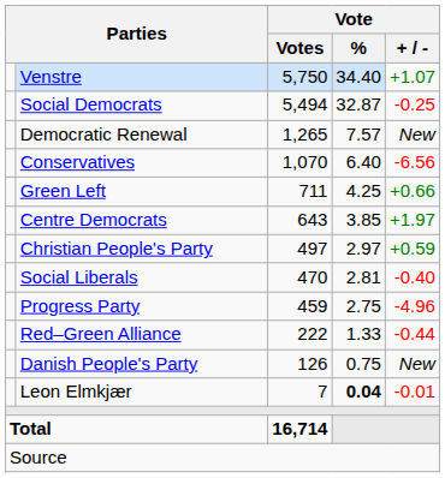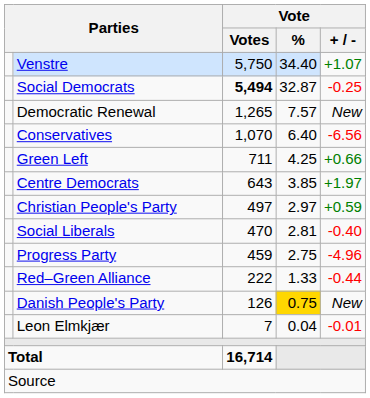 <table class="wikitable" style="text-align:right;">
 <tr>
 <th style="text-align:centre;" rowspan="2" colspan="2" width="225">Parties</th>
 <th colspan="3">Vote</th>
 </tr>
 <tr>
 <th width="15">Votes</th>
 <th width="15">%</th>
 <th width="15">+ / -</th>
 </tr>
 <tr>
 <td width="2" style="color:inherit;background:"></td>
 <td bgcolor=#cfe5fe  align="left"><a href='#'>Venstre</a></td>
 <td bgcolor=#cfe5fe>5,750</td>
 <td bgcolor=#cfe5fe>34.40</td>
 <td style=color:green;>+1.07</td>
 </tr>
 <tr>
 <td width="2" style="color:inherit;background:"></td>
 <td align="left"><a href='#'>Social Democrats</a></td>
-<td>5,494</td>
+<td><strong>5,494</strong></td>
 <td>32.87</td>
 <td style=color:red;>-0.25</td>
 </tr>
 <tr>
 <td width="2" style="color:inherit;background:"></td>
 <td align="left">Democratic Renewal</td>
 <td>1,265</td>
 <td>7.57</td>
 <td><em>New</em></td>
 </tr>
 <tr>
 <td width="2" style="color:inherit;background:"></td>
 <td align="left"><a href='#'>Conservatives</a></td>
 <td>1,070</td>
 <td>6.40</td>
 <td style=color:red;>-6.56</td>
 </tr>
 <tr>
 <td width="2" style="color:inherit;background:"></td>
 <td align="left"><a href='#'>Green Left</a></td>
 <td>711</td>
 <td>4.25</td>
 <td style=color:green;>+0.66</td>
 </tr>
 <tr>
 <td width="2" style="color:inherit;background:"></td>
 <td align="left"><a href='#'>Centre Democrats</a></td>
 <td>643</td>
 <td>3.85</td>
 <td style=color:green;>+1.97</td>
 </tr>
 <tr>
 <td width="2" style="color:inherit;background:"></td>
 <td align="left"><a href='#'>Christian People's Party</a></td>
 <td>497</td>
 <td>2.97</td>
 <td style=color:green;>+0.59</td>
 </tr>
 <tr>
 <td width="2" style="color:inherit;background:"></td>
 <td align="left"><a href='#'>Social Liberals</a></td>
 <td>470</td>
 <td>2.81</td>
 <td style=color:red;>-0.40</td>
 </tr>
 <tr>
 <td width="2" style="color:inherit;background:"></td>
 <td align="left"><a href='#'>Progress Party</a></td>
 <td>459</td>
 <td>2.75</td>
 <td style=color:red;>-4.96</td>
 </tr>
 <tr>
 <td width="2" style="color:inherit;background:"></td>
 <td align="left"><a href='#'>Red–Green Alliance</a></td>
 <td>222</td>
 <td>1.33</td>
 <td style=color:red;>-0.44</td>
 </tr>
 <tr>
 <td width="2" style="color:inherit;background:"></td>
 <td align="left"><a href='#'>Danish People's Party</a></td>
 <td>126</td>
-<td>0.75</td>
+<td style="background: gold;">0.75</td>
 <td><em>New</em></td>
 </tr>
 <tr>
 <td width="2" style="color:inherit;background:"></td>
 <td align="left">Leon Elmkjær</td>
 <td>7</td>
-<td><strong>0.04</strong></td>
+<td>0.04</td>
 <td style=color:red;>-0.01</td>
 </tr>
 <tr>
 <td colspan="7" bgcolor="#E9E9E9"></td>
 </tr>
 <tr>
 <td align="left" colspan="2"><strong>Total</strong></td>
 <td><strong>16,714</strong></td>
 <td bgcolor="#E9E9E9" colspan="2"></td>
 </tr>
 <tr>
 <td align="left" colspan="6">Source</td>
 </tr>
 </table>
